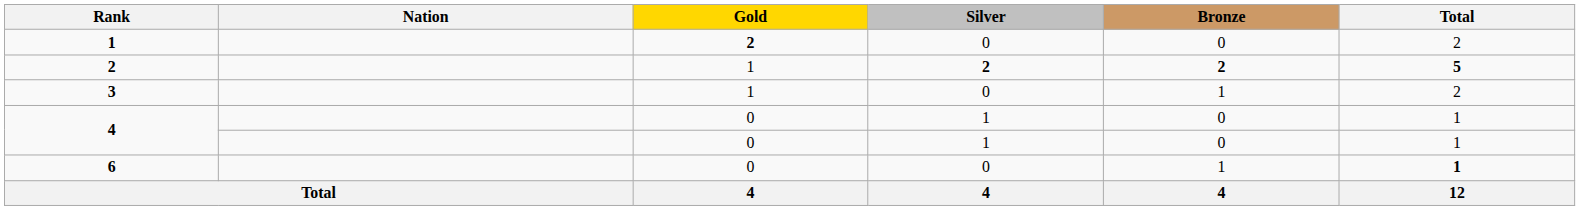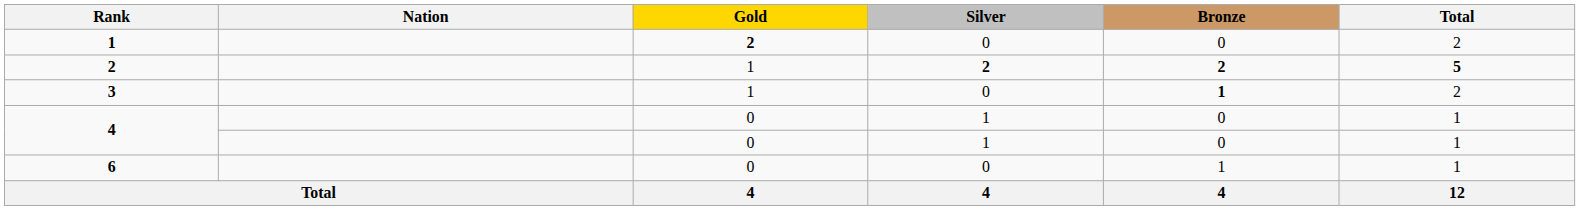 <table class="wikitable collapsible autocollapse plainrowheaders" width=80% style="text-align:center;">
 <tr style="background-color:#EDEDED;">
 <th width=100px class="hintergrundfarbe5">Rank</th>
 <th width=200px class="hintergrundfarbe6">Nation</th>
 <th style="background:    gold; width:15%">Gold</th>
 <th style="background:  silver; width:15%">Silver</th>
 <th style="background: #CC9966; width:15%">Bronze</th>
 <th class="hintergrundfarbe6" style="width:15%">Total</th>
 </tr>
 <tr>
 <td><strong>1</strong></td>
 <td align=left></td>
 <td><strong>2</strong></td>
 <td>0</td>
 <td>0</td>
 <td>2</td>
 </tr>
 <tr>
 <td><strong>2</strong></td>
 <td align=left></td>
 <td>1</td>
 <td><strong>2</strong></td>
 <td><strong>2</strong></td>
 <td><strong>5</strong></td>
 </tr>
 <tr>
 <td><strong>3</strong></td>
 <td align=left><em></em></td>
 <td>1</td>
 <td>0</td>
-<td>1</td>
+<td><strong>1</strong></td>
 <td>2</td>
 </tr>
 <tr>
 <td rowspan=2><strong>4</strong></td>
 <td align=left></td>
 <td>0</td>
 <td>1</td>
 <td>0</td>
 <td>1</td>
 </tr>
 <tr>
 <td align=left></td>
 <td>0</td>
 <td>1</td>
 <td>0</td>
 <td>1</td>
 </tr>
 <tr>
 <td><strong>6</strong></td>
 <td align=left></td>
 <td>0</td>
 <td>0</td>
 <td>1</td>
-<td><strong>1</strong></td>
+<td>1</td>
 </tr>
 <tr>
 <th colspan=2>Total</th>
 <th>4</th>
 <th>4</th>
 <th>4</th>
 <th>12</th>
 </tr>
 </table>
